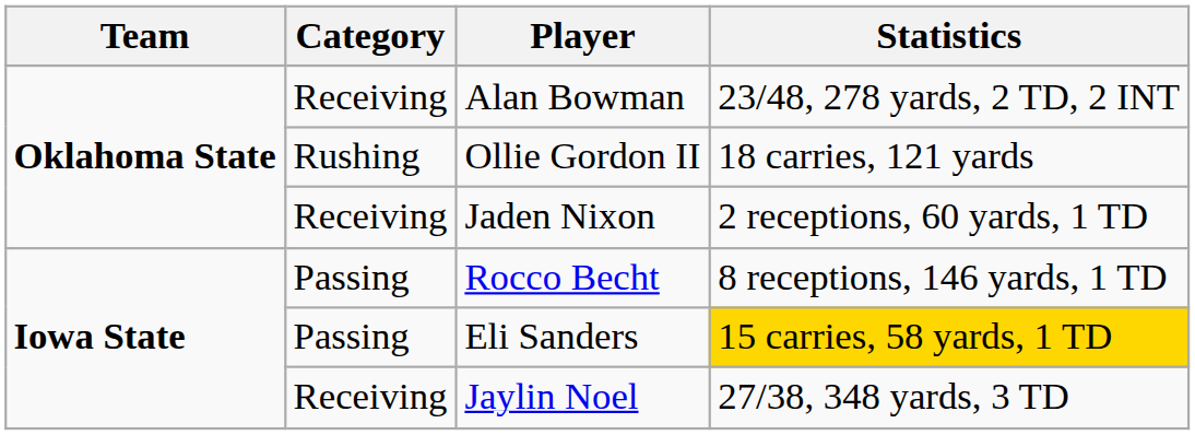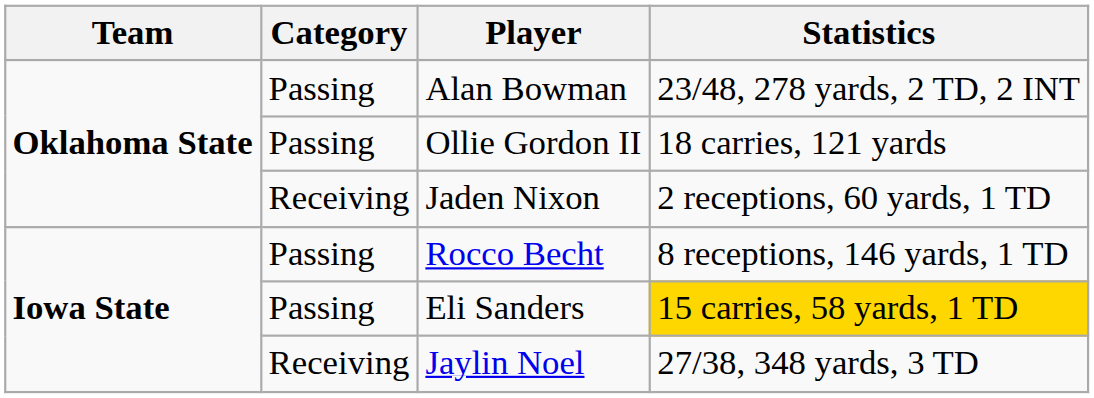 <table class="wikitable" style="float: right;">
 <tr>
 <th>Team</th>
 <th>Category</th>
 <th>Player</th>
 <th>Statistics</th>
 </tr>
 <tr>
 <td rowspan=3><strong>Oklahoma State</strong></td>
-<td>Receiving</td>
+<td>Passing</td>
 <td>Alan Bowman</td>
 <td>23/48, 278 yards, 2 TD, 2 INT</td>
 </tr>
 <tr>
-<td>Rushing</td>
+<td>Passing</td>
 <td>Ollie Gordon II</td>
 <td>18 carries, 121 yards</td>
 </tr>
 <tr>
 <td>Receiving</td>
 <td>Jaden Nixon</td>
 <td>2 receptions, 60 yards, 1 TD</td>
 </tr>
 <tr>
 <td rowspan=3><strong>Iowa State</strong></td>
 <td>Passing</td>
 <td><a href='#'>Rocco Becht</a></td>
 <td>8 receptions, 146 yards,  1 TD</td>
 </tr>
 <tr>
 <td>Passing</td>
 <td>Eli Sanders</td>
 <td style="background: gold;">15 carries, 58 yards, 1 TD</td>
 </tr>
 <tr>
 <td>Receiving</td>
 <td><a href='#'>Jaylin Noel</a></td>
 <td>27/38, 348 yards, 3 TD</td>
 </tr>
 </table>
